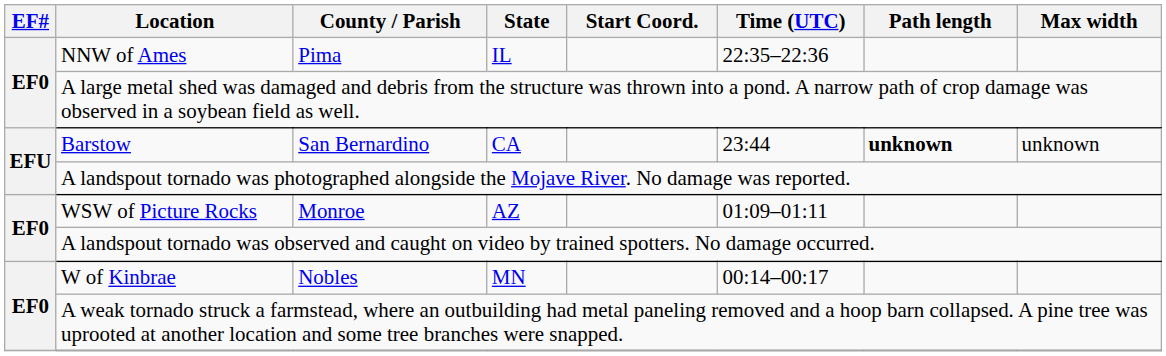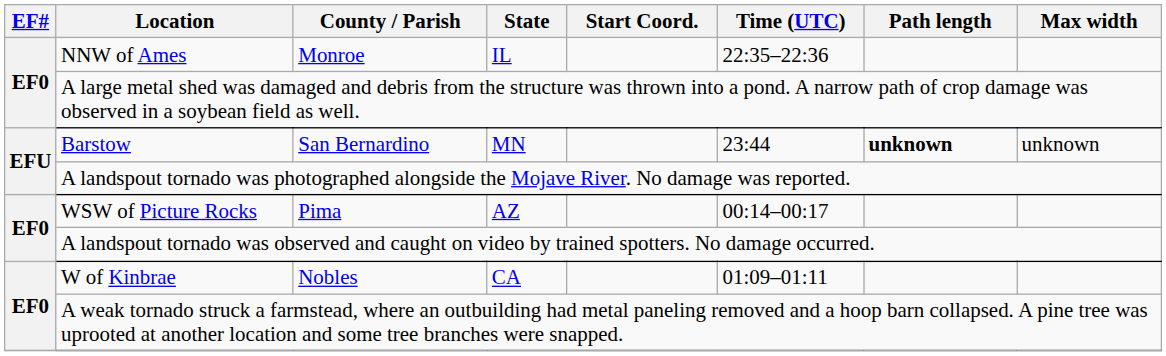 <table class="wikitable sortable" style="width:100%;">
 <tr>
 <th scope="col" width="2%" align="center"><a href='#'>EF#</a></th>
 <th scope="col" align="center" class="unsortable">Location</th>
 <th scope="col" align="center" class="unsortable">County / Parish</th>
 <th scope="col" align="center">State</th>
 <th scope="col" align="center">Start Coord.</th>
 <th scope="col" align="center">Time (<a href='#'>UTC</a>)</th>
 <th scope="col" align="center">Path length</th>
 <th scope="col" align="center">Max width</th>
 </tr>
 <tr>
 <th scope="row" rowspan="2" style="background-color:#">EF0</th>
 <td>NNW of <a href='#'>Ames</a></td>
-<td><a href='#'>Pima</a></td>
+<td><a href='#'>Monroe</a></td>
 <td><a href='#'>IL</a></td>
 <td></td>
 <td>22:35–22:36</td>
 <td></td>
 <td></td>
 </tr>
 <tr class="expand-child">
 <td colspan="8" style=" border-bottom: 1px solid black;">A large metal shed was damaged and debris from the structure was thrown into a pond. A narrow path of crop damage was observed in a soybean field as well.</td>
 </tr>
 <tr>
 <th scope="row" rowspan="2" style="background-color:#">EFU</th>
 <td><a href='#'>Barstow</a></td>
 <td><a href='#'>San Bernardino</a></td>
-<td><a href='#'>CA</a></td>
+<td><a href='#'>MN</a></td>
 <td></td>
 <td>23:44</td>
 <td><strong>unknown</strong></td>
 <td>unknown</td>
 </tr>
 <tr class="expand-child">
 <td colspan="8" style=" border-bottom: 1px solid black;">A landspout tornado was photographed alongside the <a href='#'>Mojave River</a>. No damage was reported.</td>
 </tr>
 <tr>
 <th scope="row" rowspan="2" style="background-color:#">EF0</th>
 <td>WSW of <a href='#'>Picture Rocks</a></td>
-<td><a href='#'>Monroe</a></td>
+<td><a href='#'>Pima</a></td>
 <td><a href='#'>AZ</a></td>
 <td></td>
-<td>01:09–01:11</td>
+<td>00:14–00:17</td>
 <td></td>
 <td></td>
 </tr>
 <tr class="expand-child">
 <td colspan="8" style=" border-bottom: 1px solid black;">A landspout tornado was observed and caught on video by trained spotters. No damage occurred.</td>
 </tr>
 <tr>
 <th scope="row" rowspan="2" style="background-color:#">EF0</th>
 <td>W of <a href='#'>Kinbrae</a></td>
 <td><a href='#'>Nobles</a></td>
-<td><a href='#'>MN</a></td>
+<td><a href='#'>CA</a></td>
 <td></td>
-<td>00:14–00:17</td>
+<td>01:09–01:11</td>
 <td></td>
 <td></td>
 </tr>
 <tr class="expand-child">
 <td colspan="8" style=" border-bottom: 1px solid black;">A weak tornado struck a farmstead, where an outbuilding had metal paneling removed and a hoop barn collapsed. A pine tree was uprooted at another location and some tree branches were snapped.</td>
 </tr>
 <tr>
 </tr>
 </table>
